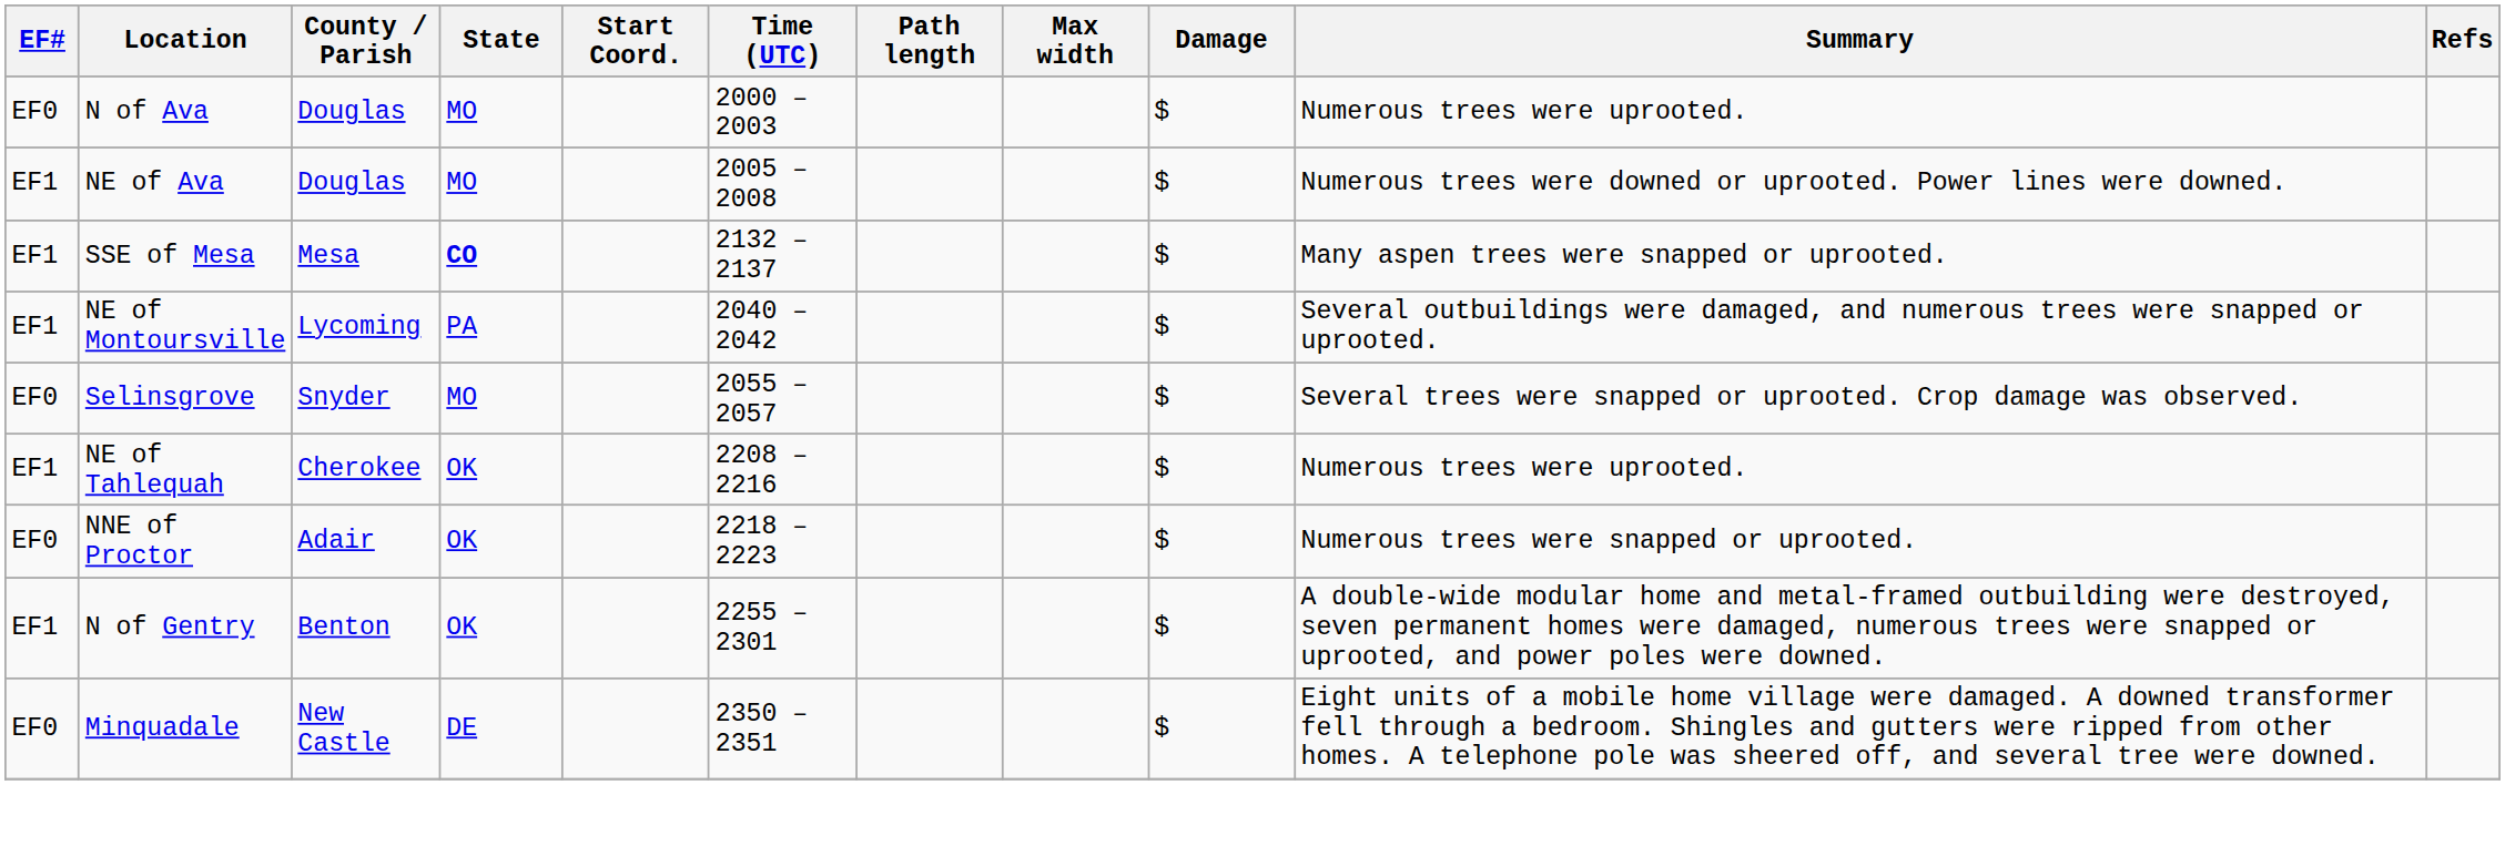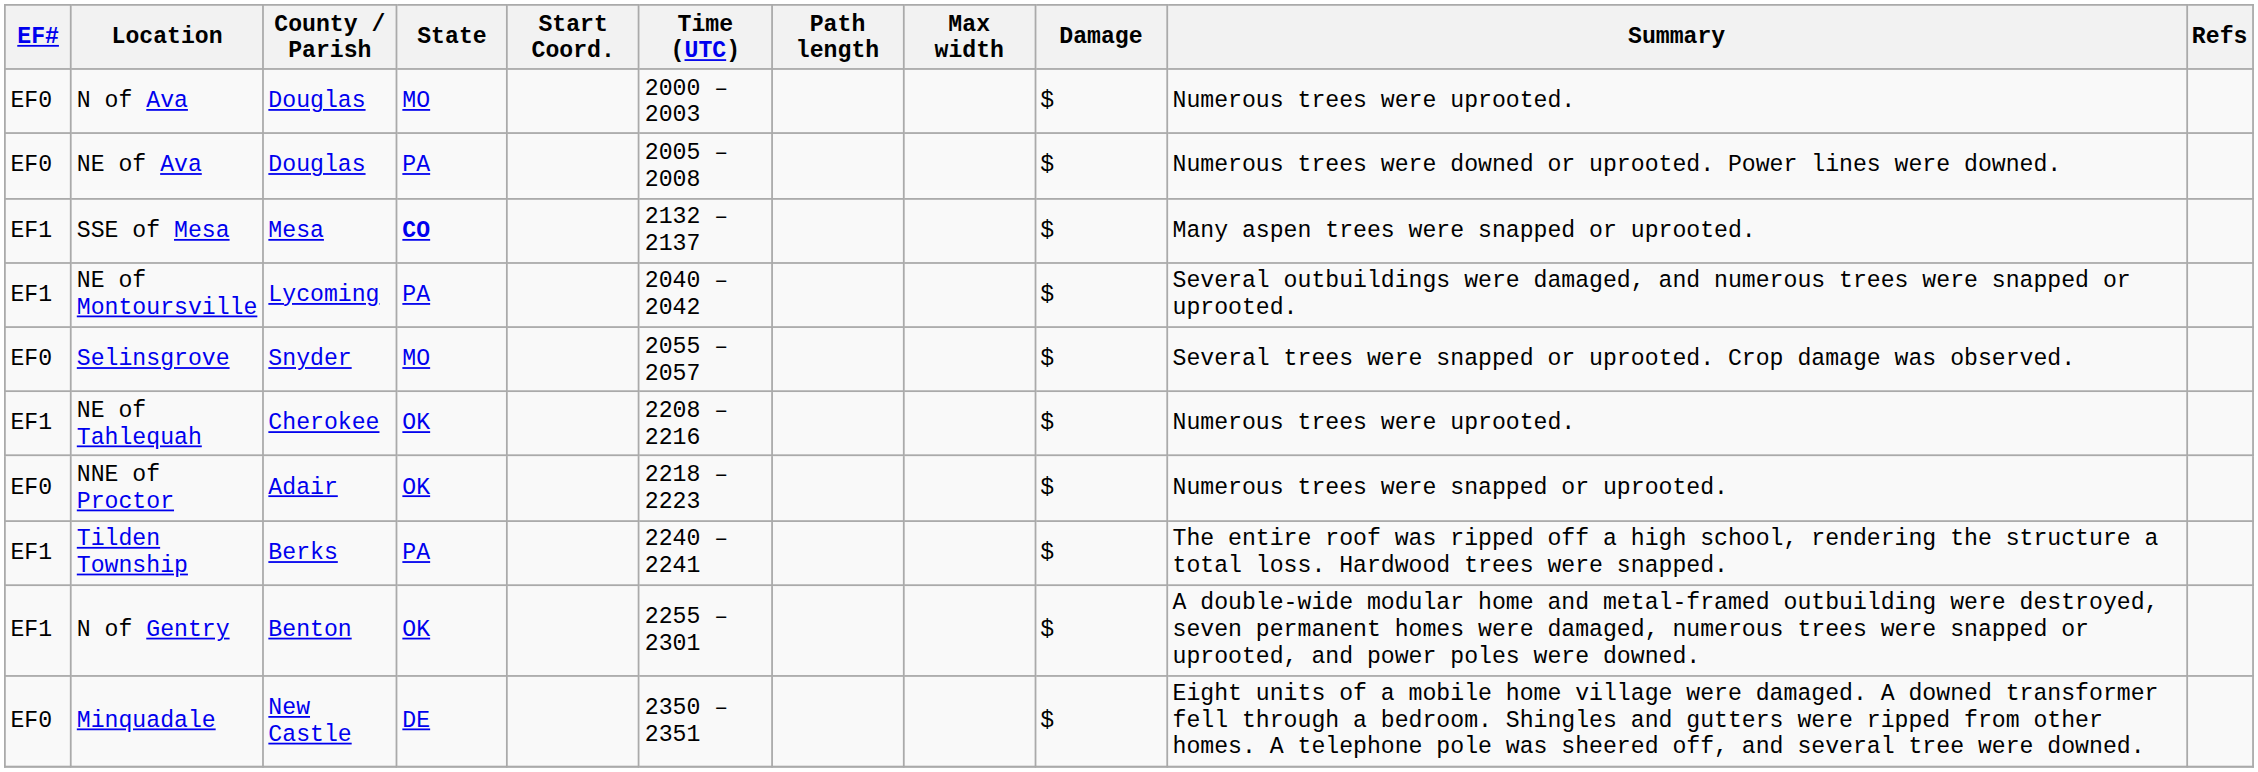 <table class="wikitable sortable" style="width:100%;">
 <tr>
 <th scope="col" width="3%" align="center"><a href='#'>EF#</a></th>
 <th scope="col" width="7%" align="center" class="unsortable">Location</th>
 <th scope="col" width="6%" align="center" class="unsortable">County / Parish</th>
 <th scope="col" width="5%" align="center">State</th>
 <th scope="col" width="6%" align="center">Start Coord.</th>
 <th scope="col" width="6%" align="center">Time (<a href='#'>UTC</a>)</th>
 <th scope="col" width="6%" align="center">Path length</th>
 <th scope="col" width="6%" align="center">Max width</th>
 <th scope="col" width="6%" align="center">Damage</th>
 <th scope="col" width="48%" class="unsortable" align="center">Summary</th>
 <th scope="col" width="48%" class="unsortable" align="center">Refs</th>
 </tr>
 <tr>
 <td>EF0</td>
 <td>N of <a href='#'>Ava</a></td>
 <td><a href='#'>Douglas</a></td>
 <td><a href='#'>MO</a></td>
 <td></td>
 <td>2000 – 2003</td>
 <td></td>
 <td></td>
 <td>$</td>
 <td>Numerous trees were uprooted.</td>
 <td></td>
 </tr>
 <tr>
-<td>EF1</td>
+<td>EF0</td>
 <td>NE of <a href='#'>Ava</a></td>
 <td><a href='#'>Douglas</a></td>
-<td><a href='#'>MO</a></td>
+<td><a href='#'>PA</a></td>
 <td></td>
 <td>2005 – 2008</td>
 <td></td>
 <td></td>
 <td>$</td>
 <td>Numerous trees were downed or uprooted. Power lines were downed.</td>
 <td></td>
 </tr>
 <tr>
 <td>EF1</td>
 <td>SSE of <a href='#'>Mesa</a></td>
 <td><a href='#'>Mesa</a></td>
 <td><strong><a href='#'>CO</a></strong></td>
 <td></td>
 <td>2132 – 2137</td>
 <td></td>
 <td></td>
 <td>$</td>
 <td>Many aspen trees were snapped or uprooted.</td>
 <td></td>
 </tr>
 <tr>
 <td>EF1</td>
 <td>NE of <a href='#'>Montoursville</a></td>
 <td><a href='#'>Lycoming</a></td>
 <td><a href='#'>PA</a></td>
 <td></td>
 <td>2040 – 2042</td>
 <td></td>
 <td></td>
 <td>$</td>
 <td>Several outbuildings were damaged, and numerous trees were snapped or uprooted.</td>
 <td></td>
 </tr>
 <tr>
 <td>EF0</td>
 <td><a href='#'>Selinsgrove</a></td>
 <td><a href='#'>Snyder</a></td>
 <td><a href='#'>MO</a></td>
 <td></td>
 <td>2055 – 2057</td>
 <td></td>
 <td></td>
 <td>$</td>
 <td>Several trees were snapped or uprooted. Crop damage was observed.</td>
 <td></td>
 </tr>
 <tr>
 <td>EF1</td>
 <td>NE of <a href='#'>Tahlequah</a></td>
 <td><a href='#'>Cherokee</a></td>
 <td><a href='#'>OK</a></td>
 <td></td>
 <td>2208 – 2216</td>
 <td></td>
 <td></td>
 <td>$</td>
 <td>Numerous trees were uprooted.</td>
 <td></td>
 </tr>
 <tr>
 <td>EF0</td>
 <td>NNE of <a href='#'>Proctor</a></td>
 <td><a href='#'>Adair</a></td>
 <td><a href='#'>OK</a></td>
 <td></td>
 <td>2218 – 2223</td>
 <td></td>
 <td></td>
 <td>$</td>
 <td>Numerous trees were snapped or uprooted.</td>
 <td></td>
 </tr>
 <tr>
 <td>EF1</td>
+<td><a href='#'>Tilden Township</a></td>
+<td><a href='#'>Berks</a></td>
+<td><a href='#'>PA</a></td>
+<td></td>
+<td>2240 – 2241</td>
+<td></td>
+<td></td>
+<td>$</td>
+<td>The entire roof was ripped off a high school, rendering the structure a total loss. Hardwood trees were snapped.</td>
+<td></td>
+</tr>
+<tr>
+<td>EF1</td>
 <td>N of <a href='#'>Gentry</a></td>
 <td><a href='#'>Benton</a></td>
 <td><a href='#'>OK</a></td>
 <td></td>
 <td>2255 – 2301</td>
 <td></td>
 <td></td>
 <td>$</td>
 <td>A double-wide modular home and metal-framed outbuilding were destroyed, seven permanent homes were damaged, numerous trees were snapped or uprooted, and power poles were downed.</td>
 <td></td>
 </tr>
 <tr>
 <td>EF0</td>
 <td><a href='#'>Minquadale</a></td>
 <td><a href='#'>New Castle</a></td>
 <td><a href='#'>DE</a></td>
 <td></td>
 <td>2350 – 2351</td>
 <td></td>
 <td></td>
 <td>$</td>
 <td>Eight units of a mobile home village were damaged. A downed transformer fell through a bedroom. Shingles and gutters were ripped from other homes. A telephone pole was sheered off, and several tree were downed.</td>
 <td></td>
 </tr>
 <tr>
 </tr>
 </table>
